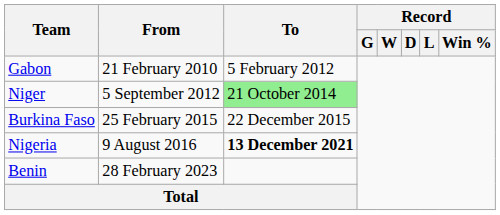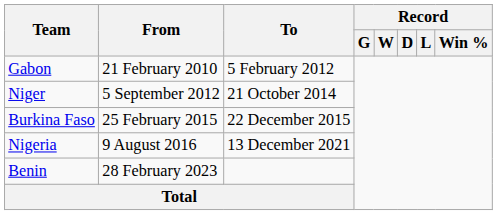 <table class="wikitable" style="text-align:centre">
 <tr>
 <th rowspan=2>Team</th>
 <th rowspan=2>From</th>
 <th rowspan=2>To</th>
 <th colspan=8>Record</th>
 </tr>
 <tr>
 <th>G</th>
 <th>W</th>
 <th>D</th>
 <th>L</th>
 <th>Win %</th>
 </tr>
 <tr>
 <td align=left><a href='#'>Gabon</a></td>
 <td align=left>21 February 2010</td>
 <td align=left>5 February 2012<br></td>
 </tr>
 <tr>
 <td align=left><a href='#'>Niger</a></td>
 <td align=left>5 September 2012</td>
-<td align=left style="background: lightgreen;">21 October 2014<br></td>
+<td align=left>21 October 2014<br></td>
 </tr>
 <tr>
 <td align=left><a href='#'>Burkina Faso</a></td>
 <td align=left>25 February 2015</td>
 <td align=left>22 December 2015<br></td>
 </tr>
 <tr>
 <td align=left><a href='#'>Nigeria</a></td>
 <td align=left>9 August 2016</td>
-<td align=left><strong>13 December 2021<br></strong></td>
+<td align=left>13 December 2021<br></td>
 </tr>
 <tr>
 <td align=left><a href='#'>Benin</a></td>
 <td align=left>28 February 2023</td>
 <td align=left><br></td>
 </tr>
 <tr>
 <th colspan="3">Total<br></th>
 </tr>
 </table>
